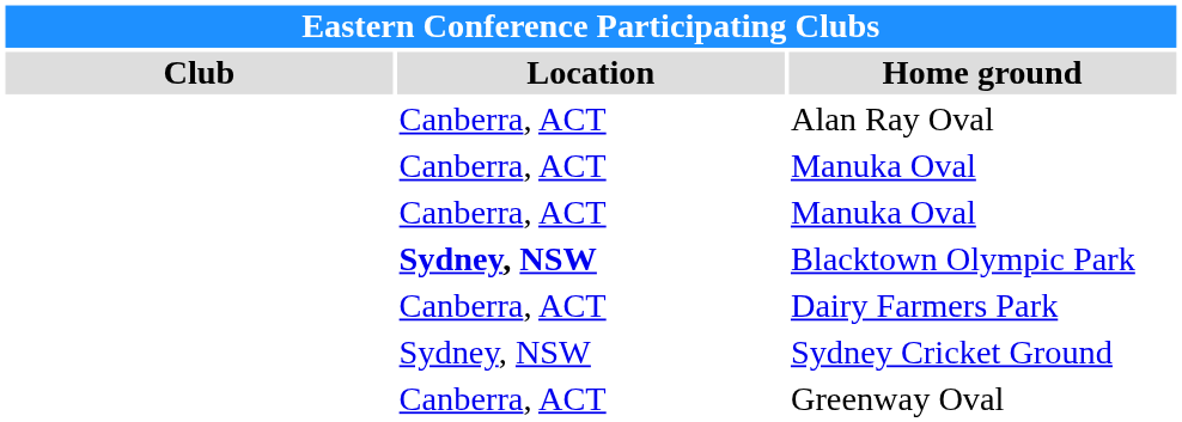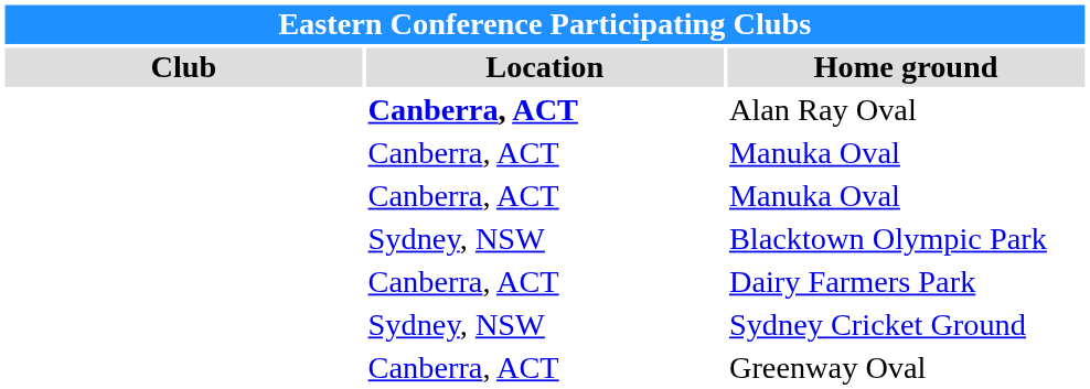 <table class=  style="width:90%; clear:both; margin:1.5em auto; text-align:center;">
 <tr>
 <th colspan=11 style="background:dodgerblue; color:white;">Eastern Conference Participating Clubs</th>
 </tr>
 <tr style="text-align:center; background:#ddd;">
 <th width=30%>Club</th>
 <th width=30%>Location</th>
 <th width=30%>Home ground</th>
 </tr>
 <tr>
 <td></td>
-<td><a href='#'>Canberra</a>, <a href='#'>ACT</a></td>
+<td><strong><a href='#'>Canberra</a>, <a href='#'>ACT</a></strong></td>
 <td>Alan Ray Oval</td>
 </tr>
 <tr>
 <td></td>
 <td><a href='#'>Canberra</a>, <a href='#'>ACT</a></td>
 <td><a href='#'>Manuka Oval</a></td>
 </tr>
 <tr>
 <td></td>
 <td><a href='#'>Canberra</a>, <a href='#'>ACT</a></td>
 <td><a href='#'>Manuka Oval</a></td>
 </tr>
 <tr>
 <td></td>
-<td><strong><a href='#'>Sydney</a>, <a href='#'>NSW</a></strong></td>
+<td><a href='#'>Sydney</a>, <a href='#'>NSW</a></td>
 <td><a href='#'>Blacktown Olympic Park</a></td>
 </tr>
 <tr>
 <td></td>
 <td><a href='#'>Canberra</a>, <a href='#'>ACT</a></td>
 <td><a href='#'>Dairy Farmers Park</a></td>
 </tr>
 <tr>
 <td></td>
 <td><a href='#'>Sydney</a>, <a href='#'>NSW</a></td>
 <td><a href='#'>Sydney Cricket Ground</a></td>
 </tr>
 <tr>
 <td></td>
 <td><a href='#'>Canberra</a>, <a href='#'>ACT</a></td>
 <td>Greenway Oval</td>
 </tr>
 </table>
